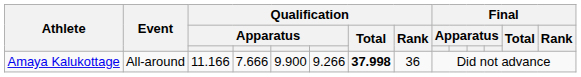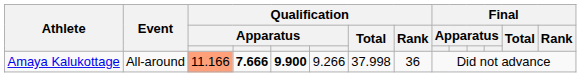 <table class="wikitable" style="font-size:90%; text-align:center">
 <tr>
 <th rowspan="3">Athlete</th>
 <th rowspan="3">Event</th>
 <th colspan="6">Qualification</th>
 <th colspan="6">Final</th>
 </tr>
 <tr>
 <th colspan="4">Apparatus</th>
 <th rowspan="2">Total</th>
 <th rowspan="2">Rank</th>
 <th colspan="4">Apparatus</th>
 <th rowspan="2">Total</th>
 <th rowspan="2">Rank</th>
 </tr>
 <tr>
 <th></th>
 <th></th>
 <th></th>
 <th></th>
 <th></th>
 <th></th>
 <th></th>
 <th></th>
 </tr>
 <tr>
 <td align="left"><a href='#'>Amaya Kalukottage</a></td>
 <td align="left">All-around</td>
-<td>11.166</td>
-<td>7.666</td>
-<td>9.900</td>
+<td style="background: lightsalmon;">11.166</td>
+<td><strong>7.666</strong></td>
+<td><strong>9.900</strong></td>
 <td>9.266</td>
-<td><strong>37.998</strong></td>
+<td>37.998</td>
 <td>36</td>
 <td colspan="6">Did not advance</td>
 </tr>
 </table>
